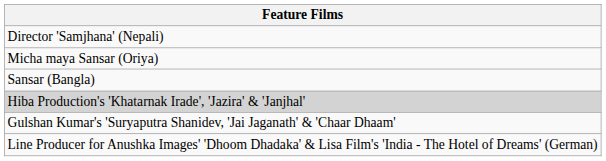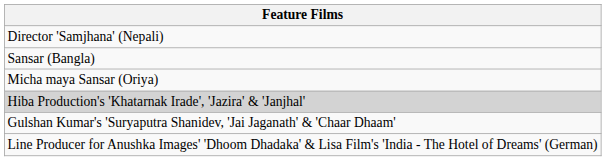 <table class="wikitable">
 <tr>
 <th><strong>Feature Films</strong></th>
 </tr>
 <tr>
 <td>Director 'Samjhana' (Nepali)</td>
 </tr>
 <tr>
-<td>Micha maya Sansar (Oriya)</td>
+<td>Sansar (Bangla)</td>
 </tr>
 <tr>
-<td>Sansar (Bangla)</td>
+<td>Micha maya Sansar (Oriya)</td>
 </tr>
 <tr>
 <td style="background: lightgrey;">Hiba Production's 'Khatarnak Irade', 'Jazira' & 'Janjhal'</td>
 </tr>
 <tr>
 <td>Gulshan Kumar's 'Suryaputra Shanidev, 'Jai Jaganath' & 'Chaar Dhaam'</td>
 </tr>
 <tr>
 <td>Line Producer for Anushka Images' 'Dhoom Dhadaka' & Lisa Film's 'India - The Hotel of Dreams' (German)</td>
 </tr>
 </table>
